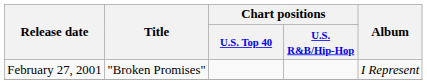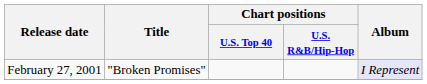 <table class="wikitable">
 <tr>
 <th rowspan="2">Release date</th>
 <th rowspan="2">Title</th>
 <th colspan="2">Chart positions</th>
 <th rowspan="2">Album</th>
 </tr>
 <tr>
 <th width="86"><small><a href='#'>U.S. Top 40</a></small></th>
 <th width="86"><small><a href='#'>U.S. R&B/Hip-Hop</a></small></th>
 </tr>
 <tr>
 <td>February 27, 2001</td>
 <td>"Broken Promises"</td>
 <td></td>
 <td></td>
-<td><em>I Represent</em></td>
+<td style="background: lavender;"><em>I Represent</em></td>
 </tr>
 <tr>
 </tr>
 </table>
